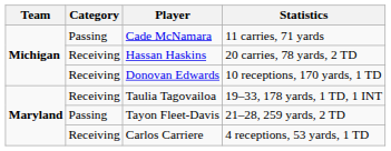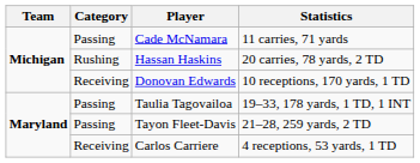 <table class="wikitable" style="float: right;">
 <tr>
 <th>Team</th>
 <th>Category</th>
 <th>Player</th>
 <th>Statistics</th>
 </tr>
 <tr>
 <td rowspan=3><strong>Michigan</strong></td>
 <td>Passing</td>
 <td><a href='#'>Cade McNamara</a></td>
 <td>11 carries, 71 yards</td>
 </tr>
 <tr>
-<td>Receiving</td>
+<td>Rushing</td>
 <td><a href='#'>Hassan Haskins</a></td>
 <td>20 carries, 78 yards, 2 TD</td>
 </tr>
 <tr>
 <td>Receiving</td>
 <td><a href='#'>Donovan Edwards</a></td>
 <td>10 receptions, 170 yards, 1 TD</td>
 </tr>
 <tr>
 <td rowspan=3><strong>Maryland</strong></td>
-<td>Receiving</td>
+<td>Passing</td>
 <td>Taulia Tagovailoa</td>
 <td>19–33,  178 yards, 1 TD, 1 INT</td>
 </tr>
 <tr>
 <td>Passing</td>
 <td>Tayon Fleet-Davis</td>
 <td>21–28, 259 yards, 2 TD</td>
 </tr>
 <tr>
 <td>Receiving</td>
 <td>Carlos Carriere</td>
 <td>4 receptions, 53 yards, 1 TD</td>
 </tr>
 </table>
